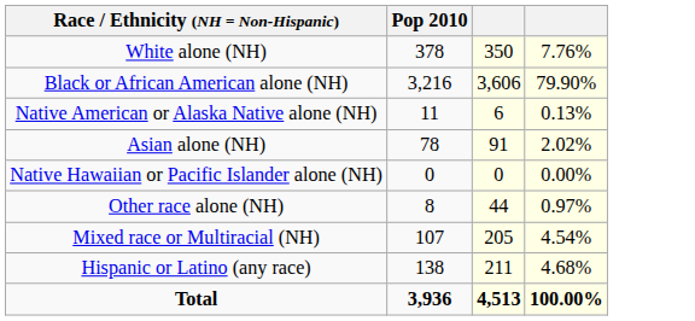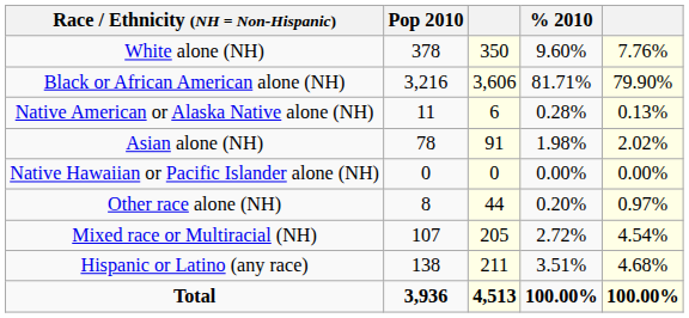 <table class="wikitable" style="text-align:center;">
 <tr>
 <th>Race / Ethnicity <small>(<em>NH = Non-Hispanic</em>)</small></th>
 <th>Pop 2010</th>
 <th></th>
+<th>% 2010</th>
 <th></th>
 </tr>
 <tr>
 <td><a href='#'>White</a> alone (NH)</td>
 <td>378</td>
 <td style='background: #ffffe6;'>350</td>
+<td>9.60%</td>
 <td style='background: #ffffe6;'>7.76%</td>
 </tr>
 <tr>
 <td><a href='#'>Black or African American</a> alone (NH)</td>
 <td>3,216</td>
 <td style='background: #ffffe6;'>3,606</td>
+<td>81.71%</td>
 <td style='background: #ffffe6;'>79.90%</td>
 </tr>
 <tr>
 <td><a href='#'>Native American</a> or <a href='#'>Alaska Native</a> alone (NH)</td>
 <td>11</td>
 <td style='background: #ffffe6;'>6</td>
+<td>0.28%</td>
 <td style='background: #ffffe6;'>0.13%</td>
 </tr>
 <tr>
 <td><a href='#'>Asian</a> alone (NH)</td>
 <td>78</td>
 <td style='background: #ffffe6;'>91</td>
+<td>1.98%</td>
 <td style='background: #ffffe6;'>2.02%</td>
 </tr>
 <tr>
 <td><a href='#'>Native Hawaiian</a> or <a href='#'>Pacific Islander</a> alone (NH)</td>
 <td>0</td>
 <td style='background: #ffffe6;'>0</td>
+<td>0.00%</td>
 <td style='background: #ffffe6;'>0.00%</td>
 </tr>
 <tr>
 <td><a href='#'>Other race</a> alone (NH)</td>
 <td>8</td>
 <td style='background: #ffffe6;'>44</td>
+<td>0.20%</td>
 <td style='background: #ffffe6;'>0.97%</td>
 </tr>
 <tr>
 <td><a href='#'>Mixed race or Multiracial</a> (NH)</td>
 <td>107</td>
 <td style='background: #ffffe6;'>205</td>
+<td>2.72%</td>
 <td style='background: #ffffe6;'>4.54%</td>
 </tr>
 <tr>
 <td><a href='#'>Hispanic or Latino</a> (any race)</td>
 <td>138</td>
 <td style='background: #ffffe6;'>211</td>
+<td>3.51%</td>
 <td style='background: #ffffe6;'>4.68%</td>
 </tr>
 <tr>
 <td><strong>Total</strong></td>
 <td><strong>3,936</strong></td>
 <td style='background: #ffffe6;'><strong>4,513</strong></td>
+<td><strong>100.00%</strong></td>
 <td style='background: #ffffe6;'><strong>100.00%</strong></td>
 </tr>
 </table>
